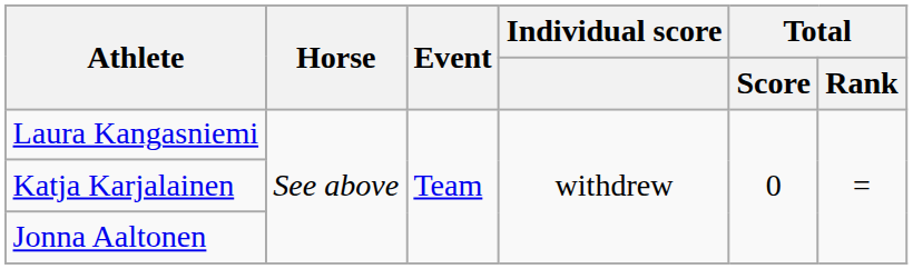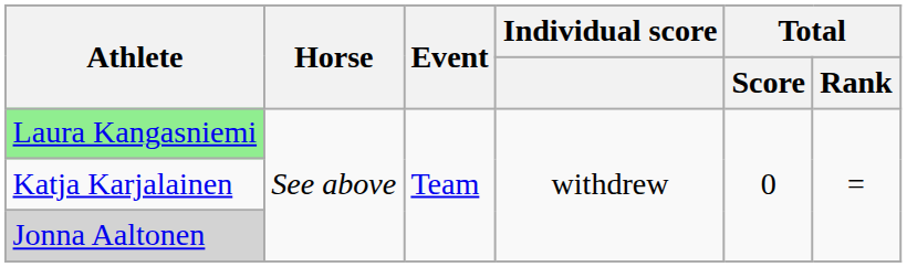 <table class=wikitable style="font-size:90%">
 <tr>
 <th rowspan="2">Athlete</th>
 <th rowspan="2">Horse</th>
 <th rowspan="2">Event</th>
 <th colspan="1">Individual score</th>
 <th colspan="2">Total</th>
 </tr>
 <tr>
 <th></th>
 <th>Score</th>
 <th>Rank</th>
 </tr>
 <tr align=center>
-<td align=left><a href='#'>Laura Kangasniemi</a></td>
+<td align=left style="background: lightgreen;"><a href='#'>Laura Kangasniemi</a></td>
 <td align=left rowspan=4><em>See above</em></td>
 <td align=left rowspan=4><a href='#'>Team</a></td>
 <td rowspan=3>withdrew</td>
 <td rowspan=3>0</td>
 <td rowspan=3>=</td>
 </tr>
 <tr align=center>
 <td align=left><a href='#'>Katja Karjalainen</a></td>
 </tr>
 <tr align=center>
-<td align=left><a href='#'>Jonna Aaltonen</a></td>
+<td align=left style="background: lightgrey;"><a href='#'>Jonna Aaltonen</a></td>
 </tr>
 </table>
